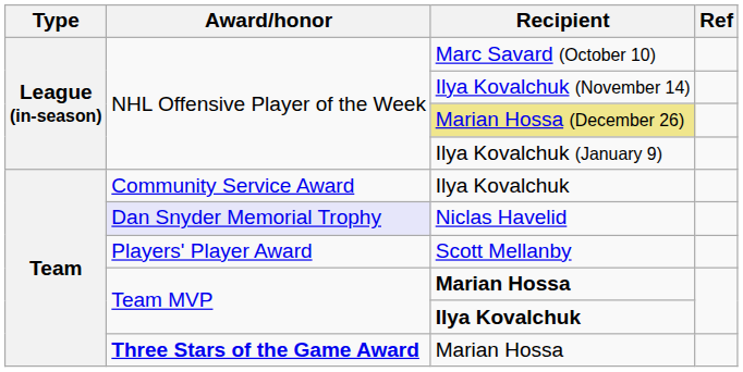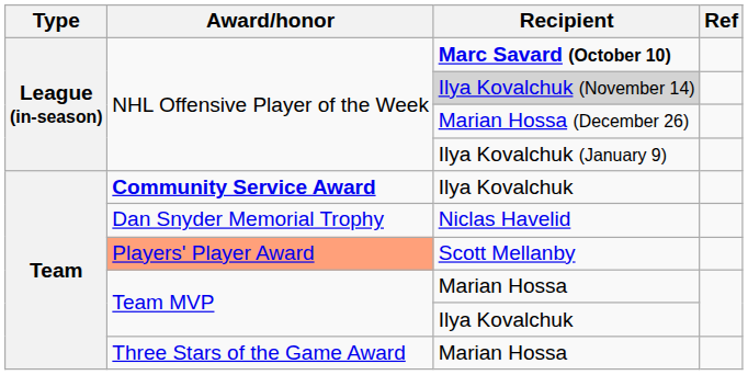 <table class="wikitable">
 <tr>
 <th scope="col">Type</th>
 <th scope="col">Award/honor</th>
 <th scope="col">Recipient</th>
 <th scope="col">Ref</th>
 </tr>
 <tr>
 <th scope="row" rowspan="4">League<br><small>(in-season)</small></th>
 <td rowspan="4">NHL Offensive Player of the Week</td>
-<td><a href='#'>Marc Savard</a> <small>(October 10)</small></td>
+<td><strong><a href='#'>Marc Savard</a> <small>(October 10)</small></strong></td>
 <td></td>
 </tr>
 <tr>
-<td><a href='#'>Ilya Kovalchuk</a> <small>(November 14)</small></td>
+<td style="background: lightgrey;"><a href='#'>Ilya Kovalchuk</a> <small>(November 14)</small></td>
 <td></td>
 </tr>
 <tr>
-<td style="background: khaki;"><a href='#'>Marian Hossa</a> <small>(December 26)</small></td>
+<td><a href='#'>Marian Hossa</a> <small>(December 26)</small></td>
 <td></td>
 </tr>
 <tr>
 <td>Ilya Kovalchuk <small>(January 9)</small></td>
 <td></td>
 </tr>
 <tr>
 <th scope="row" rowspan="6">Team</th>
-<td><a href='#'>Community Service Award</a></td>
+<td><strong><a href='#'>Community Service Award</a></strong></td>
 <td>Ilya Kovalchuk</td>
 <td></td>
 </tr>
 <tr>
-<td style="background: lavender;"><a href='#'>Dan Snyder Memorial Trophy</a></td>
+<td><a href='#'>Dan Snyder Memorial Trophy</a></td>
 <td><a href='#'>Niclas Havelid</a></td>
 <td></td>
 </tr>
 <tr>
-<td><a href='#'>Players' Player Award</a></td>
+<td style="background: lightsalmon;"><a href='#'>Players' Player Award</a></td>
 <td><a href='#'>Scott Mellanby</a></td>
 <td></td>
 </tr>
 <tr>
 <td rowspan="2"><a href='#'>Team MVP</a></td>
-<td><strong>Marian Hossa</strong></td>
+<td>Marian Hossa</td>
 <td rowspan="2"></td>
 </tr>
 <tr>
-<td><strong>Ilya Kovalchuk</strong></td>
+<td>Ilya Kovalchuk</td>
 </tr>
 <tr>
-<td><strong><a href='#'>Three Stars of the Game Award</a></strong></td>
+<td><a href='#'>Three Stars of the Game Award</a></td>
 <td>Marian Hossa</td>
 <td></td>
 </tr>
 </table>
